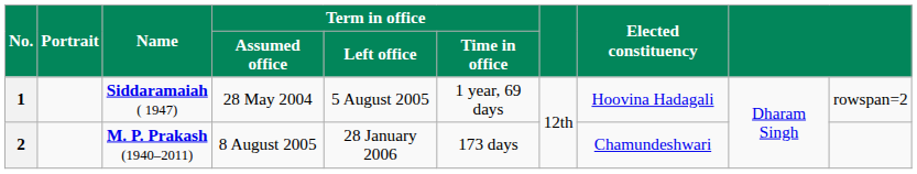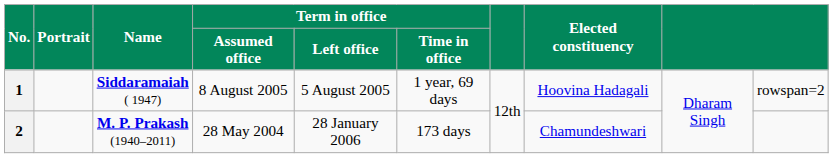 <table class="wikitable sortable" style="text-align:center;">
 <tr>
 <th rowspan=2 style="background-color:#02865A;color:white">No.</th>
 <th rowspan=2 style="background-color:#02865A;color:white">Portrait</th>
 <th rowspan=2 style="background-color:#02865A;color:white">Name<br></th>
 <th colspan=3 style="background-color:#02865A;color:white">Term in office</th>
 <th rowspan=2 style="background-color:#02865A;color:white"><a href='#'></a><br></th>
 <th rowspan=2 style="background-color:#02865A;color:white">Elected constituency</th>
 <th rowspan=2 colspan=2 style="background-color:#02865A;color:white"><a href='#'></a></th>
 </tr>
 <tr>
 <th style="background-color:#02865A;color:white">Assumed office</th>
 <th style="background-color:#02865A;color:white">Left office</th>
 <th style="background-color:#02865A;color:white">Time in office</th>
 </tr>
 <tr>
 <th>1</th>
 <td></td>
 <td><strong><a href='#'>Siddaramaiah</a></strong><br><small>( 1947)</small></td>
-<td>28 May 2004</td>
+<td>8 August 2005</td>
 <td>5 August 2005</td>
 <td>1 year, 69 days</td>
 <td rowspan=2>12th<br></td>
 <td><a href='#'>Hoovina Hadagali</a></td>
 <td rowspan=2><a href='#'>Dharam Singh</a></td>
 <td>rowspan=2 </td>
 </tr>
 <tr>
 <th>2</th>
 <td></td>
 <td><strong><a href='#'>M. P. Prakash</a></strong><br><small>(1940–2011)</small></td>
-<td>8 August 2005</td>
+<td>28 May 2004</td>
 <td>28 January 2006</td>
 <td>173 days</td>
 <td><a href='#'>Chamundeshwari</a></td>
 </tr>
 </table>
